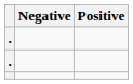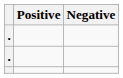 <table class="wikitable">
 <tr>
 <th> </th>
+<th>Positive</th>
 <th>Negative</th>
-<th>Positive</th>
 </tr>
 <tr>
 <th>.</th>
 <td></td>
 <td></td>
 </tr>
 <tr>
 <th>.</th>
 <td></td>
 <td></td>
 </tr>
 <tr>
 <th></th>
 <td></td>
 <td></td>
 </tr>
 </table>
